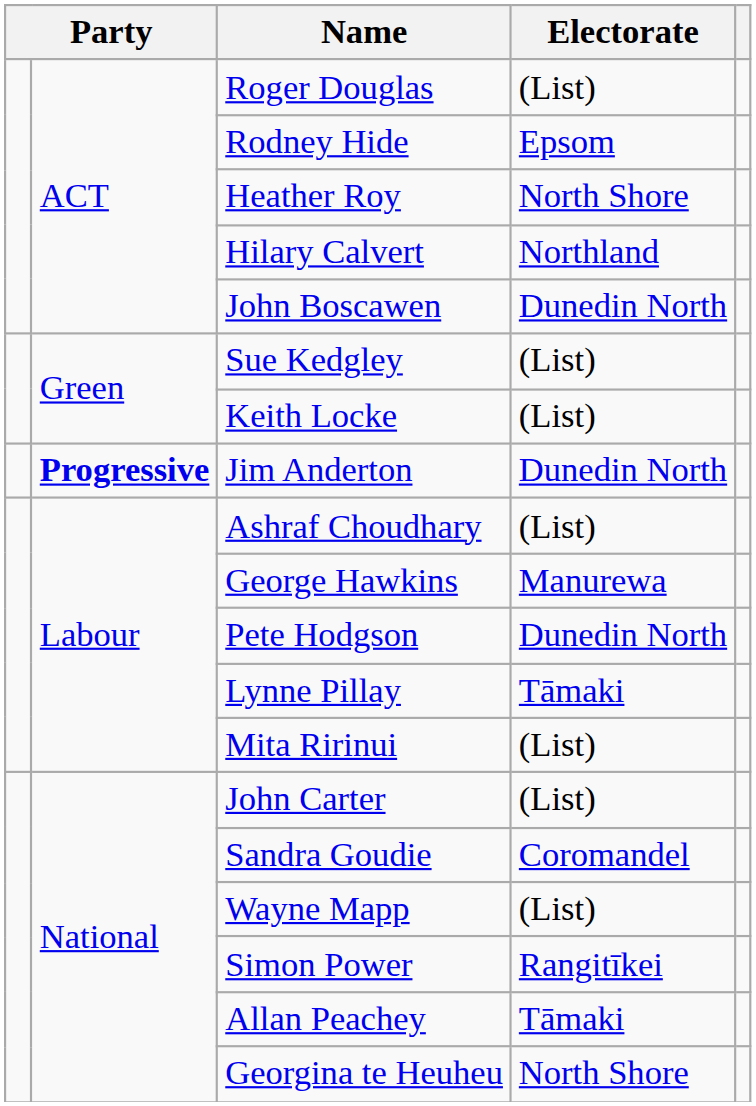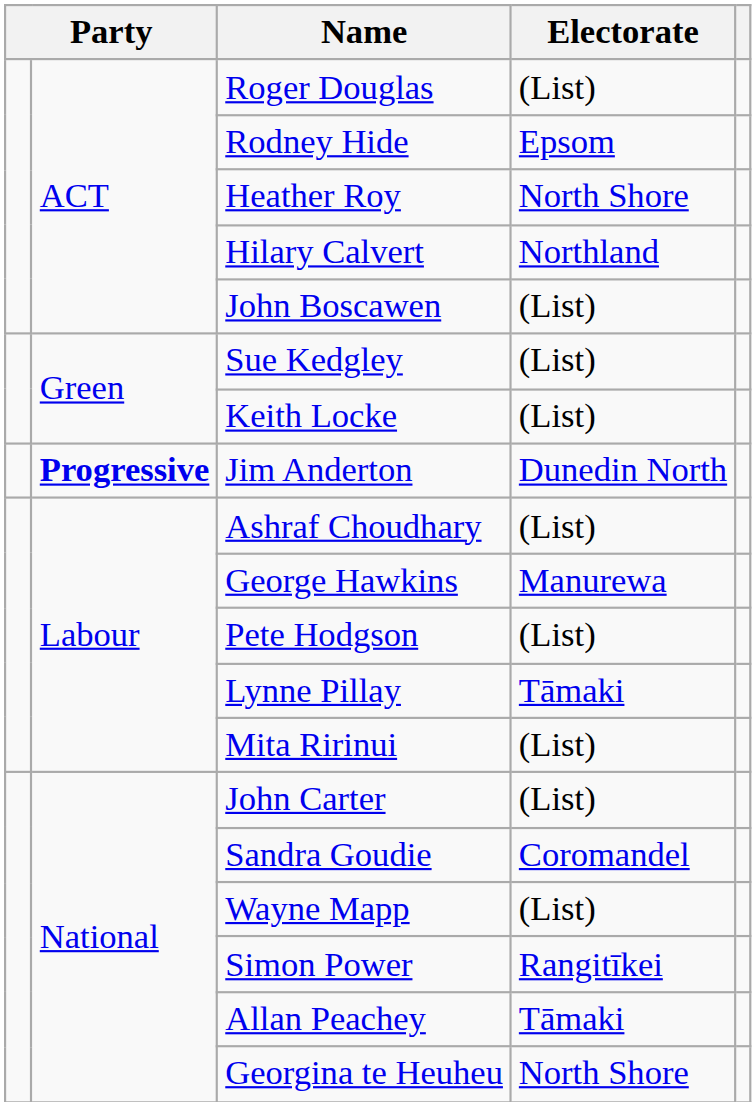 <table class="wikitable">
 <tr>
 <th colspan=2>Party</th>
 <th>Name</th>
 <th>Electorate</th>
 <th></th>
 </tr>
 <tr>
 <td rowspan=5 width=5 style="background-color: "></td>
 <td rowspan=5><a href='#'>ACT</a></td>
 <td><a href='#'>Roger Douglas</a></td>
 <td>(List)</td>
 <td></td>
 </tr>
 <tr>
 <td><a href='#'>Rodney Hide</a></td>
 <td><a href='#'>Epsom</a></td>
 <td></td>
 </tr>
 <tr>
 <td><a href='#'>Heather Roy</a></td>
 <td><a href='#'>North Shore</a></td>
 <td></td>
 </tr>
 <tr>
 <td><a href='#'>Hilary Calvert</a></td>
 <td><a href='#'>Northland</a></td>
 <td></td>
 </tr>
 <tr>
 <td><a href='#'>John Boscawen</a></td>
-<td><a href='#'>Dunedin North</a></td>
+<td>(List)</td>
 <td></td>
 </tr>
 <tr>
 <td rowspan=2 style="background-color: "></td>
 <td rowspan=2><a href='#'>Green</a></td>
 <td><a href='#'>Sue Kedgley</a></td>
 <td>(List)</td>
 <td></td>
 </tr>
 <tr>
 <td><a href='#'>Keith Locke</a></td>
 <td>(List)</td>
 <td></td>
 </tr>
 <tr>
 <td style="background-color: "></td>
 <td><strong><a href='#'>Progressive</a></strong></td>
 <td><a href='#'>Jim Anderton</a></td>
 <td><a href='#'>Dunedin North</a></td>
 <td></td>
 </tr>
 <tr>
 <td rowspan=5 style="background-color: "></td>
 <td rowspan=5><a href='#'>Labour</a></td>
 <td><a href='#'>Ashraf Choudhary</a></td>
 <td>(List)</td>
 <td></td>
 </tr>
 <tr>
 <td><a href='#'>George Hawkins</a></td>
 <td><a href='#'>Manurewa</a></td>
 <td></td>
 </tr>
 <tr>
 <td><a href='#'>Pete Hodgson</a></td>
-<td><a href='#'>Dunedin North</a></td>
+<td>(List)</td>
 <td></td>
 </tr>
 <tr>
 <td><a href='#'>Lynne Pillay</a></td>
 <td><a href='#'>Tāmaki</a></td>
 <td></td>
 </tr>
 <tr>
 <td><a href='#'>Mita Ririnui</a></td>
 <td>(List)</td>
 <td></td>
 </tr>
 <tr>
 <td rowspan=6 style="background-color: "></td>
 <td rowspan=6><a href='#'>National</a></td>
 <td><a href='#'>John Carter</a></td>
 <td>(List)</td>
 <td></td>
 </tr>
 <tr>
 <td><a href='#'>Sandra Goudie</a></td>
 <td><a href='#'>Coromandel</a></td>
 <td></td>
 </tr>
 <tr>
 <td><a href='#'>Wayne Mapp</a></td>
 <td>(List)</td>
 <td></td>
 </tr>
 <tr>
 <td><a href='#'>Simon Power</a></td>
 <td><a href='#'>Rangitīkei</a></td>
 <td></td>
 </tr>
 <tr>
 <td><a href='#'>Allan Peachey</a></td>
 <td><a href='#'>Tāmaki</a></td>
 <td></td>
 </tr>
 <tr>
 <td><a href='#'>Georgina te Heuheu</a></td>
 <td><a href='#'>North Shore</a></td>
 <td></td>
 </tr>
 </table>
